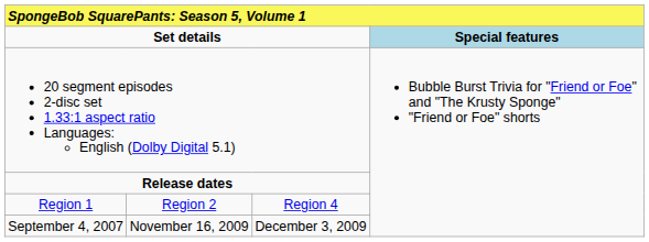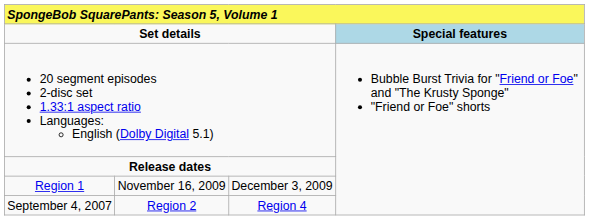 <table class="wikitable" style="font-size: 95%;">
 <tr style="background:#FAF75B; color:#000;">
 <td colspan="4"><strong><em>SpongeBob SquarePants: Season 5, Volume 1</em></strong></td>
 </tr>
 <tr valign="top">
 <td align="center" width="400" colspan="3"><strong>Set details</strong></td>
 <td width="300" align="center" style="background: lightblue;"><strong>Special features</strong></td>
 </tr>
 <tr valign="top">
 <td colspan="3" align="left" width="400"><br><ul><li>20 segment episodes</li><li>2-disc set</li><li><a href='#'>1.33:1 aspect ratio</a></li><li>Languages:<ul><li>English (<a href='#'>Dolby Digital</a> 5.1)</li></ul></li></ul></td>
 <td rowspan="4" align="left" width="300"><br><ul><li>Bubble Burst Trivia for "<a href='#'>Friend or Foe</a>" and "The Krusty Sponge"</li><li>"Friend or Foe" shorts</li></ul></td>
 </tr>
 <tr>
 <td colspan="3" align="center"><strong>Release dates</strong></td>
 </tr>
 <tr>
 <td align="center"><a href='#'>Region 1</a></td>
+<td align="center"><span>November 16, 2009</span></td>
+<td aligh="center"><span>December 3, 2009</span></td>
+</tr>
+<tr>
+<td align="center"><span>September 4, 2007</span></td>
 <td align="center"><a href='#'>Region 2</a></td>
 <td align="center"><a href='#'>Region 4</a></td>
 </tr>
-<tr>
-<td align="center"><span>September 4, 2007</span></td>
-<td align="center"><span>November 16, 2009</span></td>
-<td aligh="center"><span>December 3, 2009</span></td>
-</tr>
 </table>
